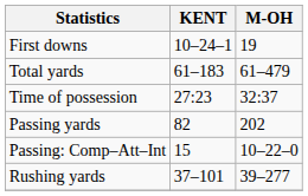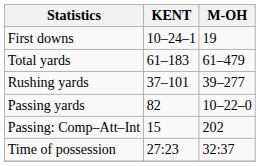 <table class="wikitable" style="float: left;">
 <tr>
 <th>Statistics</th>
 <th>KENT</th>
 <th>M-OH</th>
 </tr>
 <tr>
 <td>First downs</td>
 <td>10–24–1</td>
 <td>19</td>
 </tr>
 <tr>
 <td>Total yards</td>
 <td>61–183</td>
 <td>61–479</td>
 </tr>
 <tr>
+<td>Rushing yards</td>
+<td>37–101</td>
+<td>39–277</td>
+</tr>
+<tr>
+<td>Passing yards</td>
+<td>82</td>
+<td>10–22–0</td>
+</tr>
+<tr>
+<td>Passing: Comp–Att–Int</td>
+<td>15</td>
+<td>202</td>
+</tr>
+<tr>
 <td>Time of possession</td>
 <td>27:23</td>
 <td>32:37</td>
 </tr>
 <tr>
-<td>Passing yards</td>
-<td>82</td>
-<td>202</td>
-</tr>
-<tr>
-<td>Passing: Comp–Att–Int</td>
-<td>15</td>
-<td>10–22–0</td>
-</tr>
-<tr>
-<td>Rushing yards</td>
-<td>37–101</td>
-<td>39–277</td>
-</tr>
-<tr>
 </tr>
 </table>
